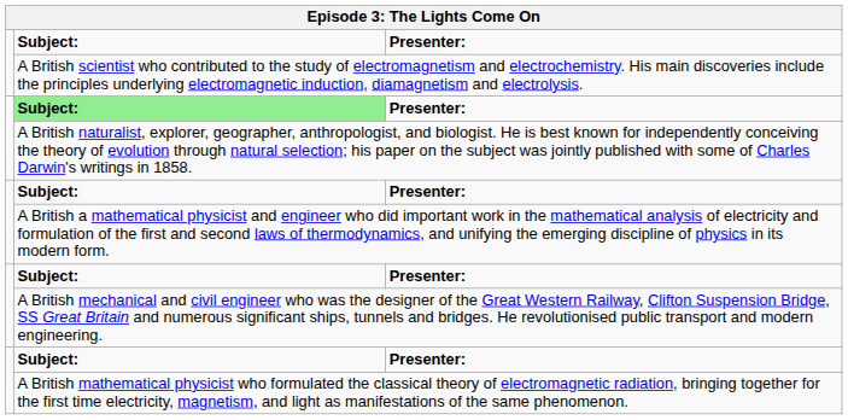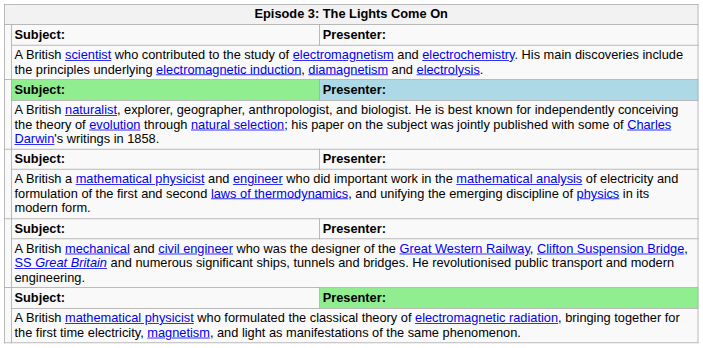 <table class="wikitable">
 <tr>
 <th colspan=3>Episode 3: The Lights Come On</th>
 </tr>
 <tr>
 <td rowspan=2></td>
 <td><strong>Subject:</strong> </td>
 <td><strong>Presenter:</strong> </td>
 </tr>
 <tr>
 <td colspan=3>A British <a href='#'>scientist</a> who contributed to the study of <a href='#'>electromagnetism</a> and <a href='#'>electrochemistry</a>. His main discoveries include the principles underlying <a href='#'>electromagnetic induction</a>, <a href='#'>diamagnetism</a> and <a href='#'>electrolysis</a>.</td>
 </tr>
 <tr>
 <td rowspan=2></td>
 <td style="background: lightgreen;"><strong>Subject:</strong> </td>
-<td><strong>Presenter:</strong> </td>
+<td style="background: lightblue;"><strong>Presenter:</strong> </td>
 </tr>
 <tr>
 <td colspan=3>A British <a href='#'>naturalist</a>, explorer, geographer, anthropologist, and biologist. He is best known for independently conceiving the theory of <a href='#'>evolution</a> through <a href='#'>natural selection</a>; his paper on the subject was jointly published with some of <a href='#'>Charles Darwin</a>'s writings in 1858.</td>
 </tr>
 <tr>
 <td rowspan=2></td>
 <td><strong>Subject:</strong> </td>
 <td><strong>Presenter:</strong> </td>
 </tr>
 <tr>
 <td colspan=3>A British  a <a href='#'>mathematical physicist</a> and <a href='#'>engineer</a> who did important work in the <a href='#'>mathematical analysis</a> of electricity and formulation of the first and second <a href='#'>laws of thermodynamics</a>, and unifying the emerging discipline of <a href='#'>physics</a> in its modern form.</td>
 </tr>
 <tr>
 <td rowspan=2></td>
 <td><strong>Subject:</strong> </td>
 <td><strong>Presenter:</strong> </td>
 </tr>
 <tr>
 <td colspan=3>A British <a href='#'>mechanical</a> and <a href='#'>civil engineer</a> who was the designer of the <a href='#'>Great Western Railway</a>, <a href='#'>Clifton Suspension Bridge</a>, <a href='#'>SS <em>Great Britain</em></a> and numerous significant ships, tunnels and bridges. He revolutionised public transport and modern engineering.</td>
 </tr>
 <tr>
 <td rowspan=2></td>
 <td><strong>Subject:</strong> </td>
-<td><strong>Presenter:</strong> </td>
+<td style="background: lightgreen;"><strong>Presenter:</strong> </td>
 </tr>
 <tr>
 <td colspan=3>A British <a href='#'>mathematical physicist</a> who formulated the classical theory of <a href='#'>electromagnetic radiation</a>, bringing together for the first time electricity, <a href='#'>magnetism</a>, and light as manifestations of the same phenomenon.</td>
 </tr>
 </table>
